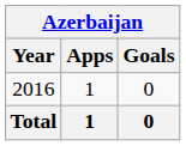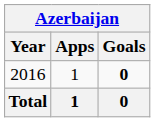 <table class="wikitable" style="text-align:center">
 <tr>
 <th colspan=3><a href='#'>Azerbaijan</a></th>
 </tr>
 <tr>
 <th>Year</th>
 <th>Apps</th>
 <th>Goals</th>
 </tr>
 <tr>
 <td>2016</td>
 <td>1</td>
-<td>0</td>
+<td><strong>0</strong></td>
 </tr>
 <tr>
 <th>Total</th>
 <th>1</th>
 <th>0</th>
 </tr>
 </table>
